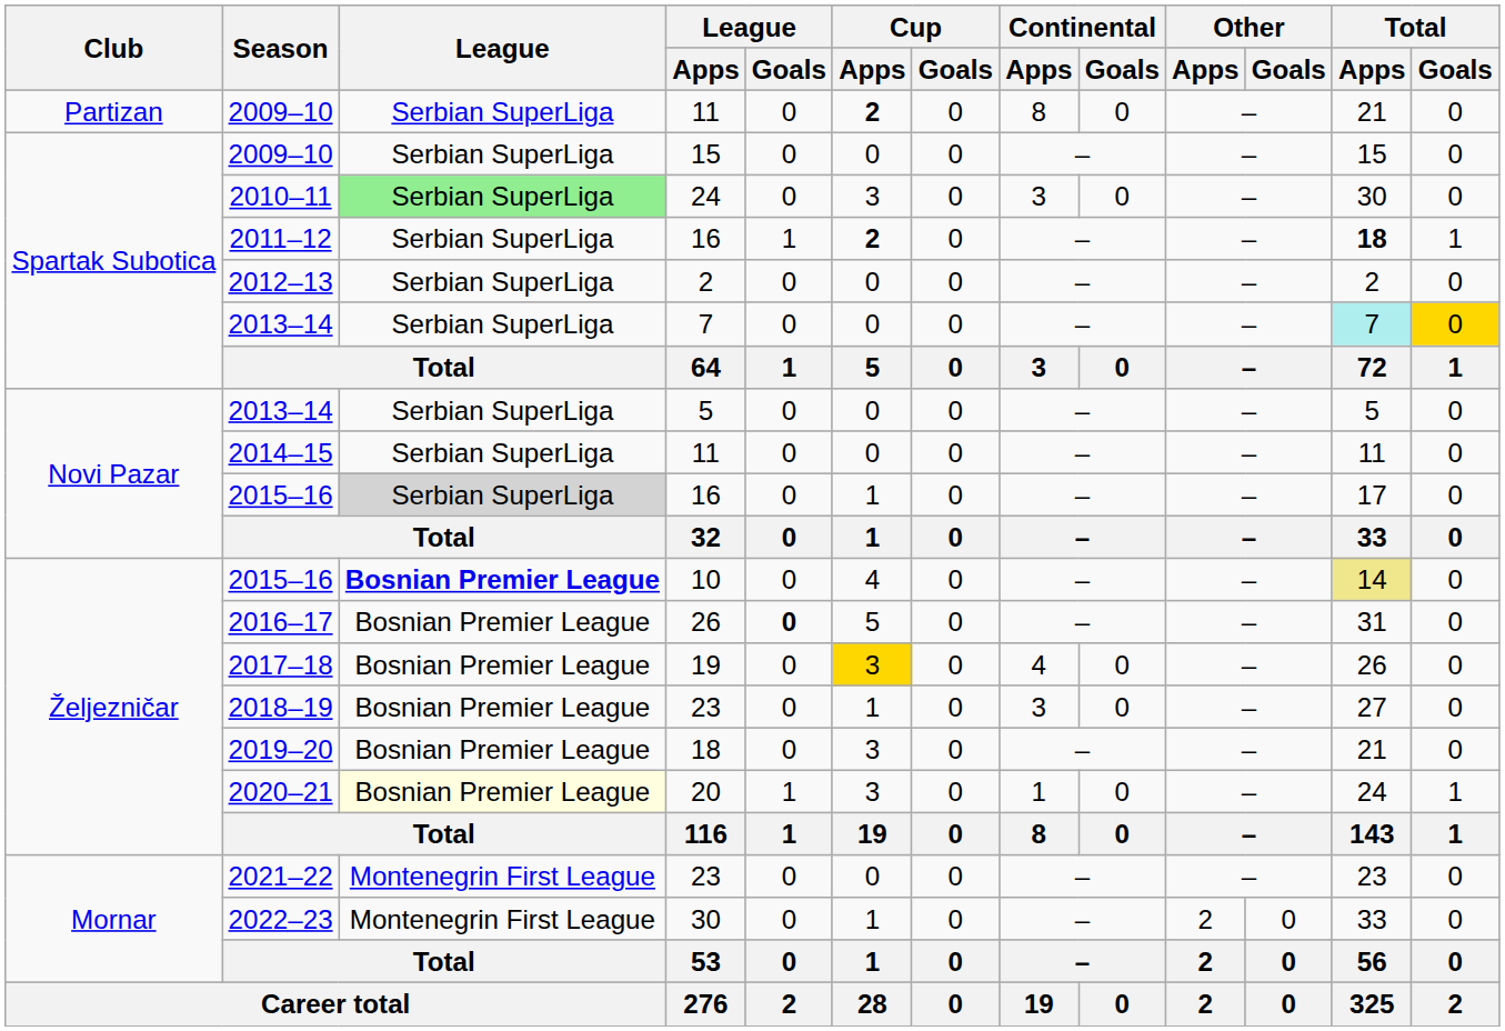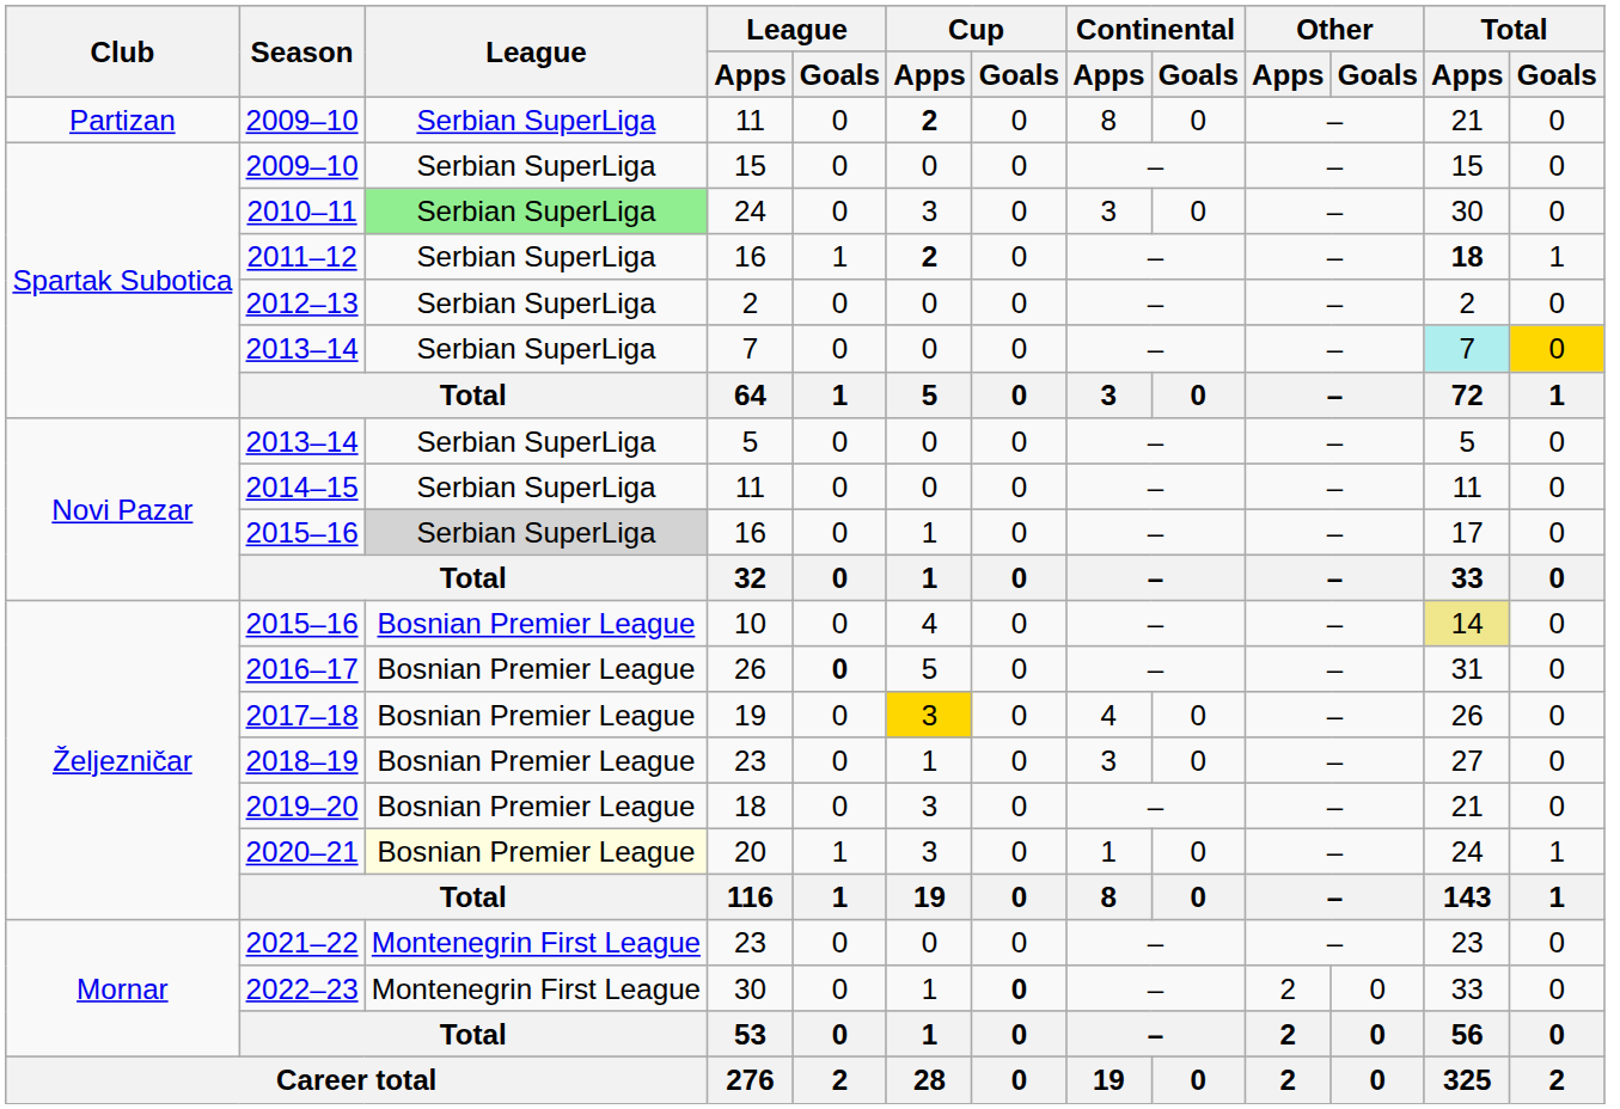 <table class="wikitable" style="text-align:center;font-size:95%">
 <tr>
 <th rowspan="2">Club</th>
 <th rowspan="2">Season</th>
 <th rowspan="2">League</th>
 <th colspan="2">League</th>
 <th colspan="2">Cup</th>
 <th colspan="2">Continental</th>
 <th colspan="2">Other</th>
 <th colspan="2">Total</th>
 </tr>
 <tr>
 <th>Apps</th>
 <th>Goals</th>
 <th>Apps</th>
 <th>Goals</th>
 <th>Apps</th>
 <th>Goals</th>
 <th>Apps</th>
 <th>Goals</th>
 <th>Apps</th>
 <th>Goals</th>
 </tr>
 <tr>
 <td><a href='#'>Partizan</a></td>
 <td><a href='#'>2009–10</a></td>
 <td><a href='#'>Serbian SuperLiga</a></td>
 <td>11</td>
 <td>0</td>
 <td><strong>2</strong></td>
 <td>0</td>
 <td>8</td>
 <td>0</td>
 <td colspan=2>–</td>
 <td>21</td>
 <td>0</td>
 </tr>
 <tr>
 <td rowspan="6"><a href='#'>Spartak Subotica</a></td>
 <td><a href='#'>2009–10</a></td>
 <td>Serbian SuperLiga</td>
 <td>15</td>
 <td>0</td>
 <td>0</td>
 <td>0</td>
 <td colspan=2>–</td>
 <td colspan=2>–</td>
 <td>15</td>
 <td>0</td>
 </tr>
 <tr>
 <td><a href='#'>2010–11</a></td>
 <td style="background: lightgreen;">Serbian SuperLiga</td>
 <td>24</td>
 <td>0</td>
 <td>3</td>
 <td>0</td>
 <td>3</td>
 <td>0</td>
 <td colspan=2>–</td>
 <td>30</td>
 <td>0</td>
 </tr>
 <tr>
 <td><a href='#'>2011–12</a></td>
 <td>Serbian SuperLiga</td>
 <td>16</td>
 <td>1</td>
 <td><strong>2</strong></td>
 <td>0</td>
 <td colspan=2>–</td>
 <td colspan=2>–</td>
 <td><strong>18</strong></td>
 <td>1</td>
 </tr>
 <tr>
 <td><a href='#'>2012–13</a></td>
 <td>Serbian SuperLiga</td>
 <td>2</td>
 <td>0</td>
 <td>0</td>
 <td>0</td>
 <td colspan=2>–</td>
 <td colspan=2>–</td>
 <td>2</td>
 <td>0</td>
 </tr>
 <tr>
 <td><a href='#'>2013–14</a></td>
 <td>Serbian SuperLiga</td>
 <td>7</td>
 <td>0</td>
 <td>0</td>
 <td>0</td>
 <td colspan=2>–</td>
 <td colspan=2>–</td>
 <td style="background: paleturquoise;">7</td>
 <td style="background: gold;">0</td>
 </tr>
 <tr>
 <th colspan=2>Total</th>
 <th>64</th>
 <th>1</th>
 <th>5</th>
 <th>0</th>
 <th>3</th>
 <th>0</th>
 <th colspan=2>–</th>
 <th>72</th>
 <th>1</th>
 </tr>
 <tr>
 <td rowspan="4"><a href='#'>Novi Pazar</a></td>
 <td><a href='#'>2013–14</a></td>
 <td>Serbian SuperLiga</td>
 <td>5</td>
 <td>0</td>
 <td>0</td>
 <td>0</td>
 <td colspan=2>–</td>
 <td colspan=2>–</td>
 <td>5</td>
 <td>0</td>
 </tr>
 <tr>
 <td><a href='#'>2014–15</a></td>
 <td>Serbian SuperLiga</td>
 <td>11</td>
 <td>0</td>
 <td>0</td>
 <td>0</td>
 <td colspan=2>–</td>
 <td colspan=2>–</td>
 <td>11</td>
 <td>0</td>
 </tr>
 <tr>
 <td><a href='#'>2015–16</a></td>
 <td style="background: lightgrey;">Serbian SuperLiga</td>
 <td>16</td>
 <td>0</td>
 <td>1</td>
 <td>0</td>
 <td colspan=2>–</td>
 <td colspan=2>–</td>
 <td>17</td>
 <td>0</td>
 </tr>
 <tr>
 <th colspan=2>Total</th>
 <th>32</th>
 <th>0</th>
 <th>1</th>
 <th>0</th>
 <th colspan=2>–</th>
 <th colspan=2>–</th>
 <th>33</th>
 <th>0</th>
 </tr>
 <tr>
 <td rowspan=7><a href='#'>Željezničar</a></td>
 <td><a href='#'>2015–16</a></td>
-<td><strong><a href='#'>Bosnian Premier League</a></strong></td>
+<td><a href='#'>Bosnian Premier League</a></td>
 <td>10</td>
 <td>0</td>
 <td>4</td>
 <td>0</td>
 <td colspan=2>–</td>
 <td colspan=2>–</td>
 <td style="background: khaki;">14</td>
 <td>0</td>
 </tr>
 <tr>
 <td><a href='#'>2016–17</a></td>
 <td>Bosnian Premier League</td>
 <td>26</td>
 <td><strong>0</strong></td>
 <td>5</td>
 <td>0</td>
 <td colspan=2>–</td>
 <td colspan=2>–</td>
 <td>31</td>
 <td>0</td>
 </tr>
 <tr>
 <td><a href='#'>2017–18</a></td>
 <td>Bosnian Premier League</td>
 <td>19</td>
 <td>0</td>
 <td style="background: gold;">3</td>
 <td>0</td>
 <td>4</td>
 <td>0</td>
 <td colspan=2>–</td>
 <td>26</td>
 <td>0</td>
 </tr>
 <tr>
 <td><a href='#'>2018–19</a></td>
 <td>Bosnian Premier League</td>
 <td>23</td>
 <td>0</td>
 <td>1</td>
 <td>0</td>
 <td>3</td>
 <td>0</td>
 <td colspan=2>–</td>
 <td>27</td>
 <td>0</td>
 </tr>
 <tr>
 <td><a href='#'>2019–20</a></td>
 <td>Bosnian Premier League</td>
 <td>18</td>
 <td>0</td>
 <td>3</td>
 <td>0</td>
 <td colspan=2>–</td>
 <td colspan=2>–</td>
 <td>21</td>
 <td>0</td>
 </tr>
 <tr>
 <td><a href='#'>2020–21</a></td>
 <td style="background: lightyellow;">Bosnian Premier League</td>
 <td>20</td>
 <td>1</td>
 <td>3</td>
 <td>0</td>
 <td>1</td>
 <td>0</td>
 <td colspan=2>–</td>
 <td>24</td>
 <td>1</td>
 </tr>
 <tr>
 <th colspan=2>Total</th>
 <th>116</th>
 <th>1</th>
 <th>19</th>
 <th>0</th>
 <th>8</th>
 <th>0</th>
 <th colspan=2>–</th>
 <th>143</th>
 <th>1</th>
 </tr>
 <tr>
 <td rowspan=3><a href='#'>Mornar</a></td>
 <td><a href='#'>2021–22</a></td>
 <td><a href='#'>Montenegrin First League</a></td>
 <td>23</td>
 <td>0</td>
 <td>0</td>
 <td>0</td>
 <td colspan=2>–</td>
 <td colspan=2>–</td>
 <td>23</td>
 <td>0</td>
 </tr>
 <tr>
 <td><a href='#'>2022–23</a></td>
 <td>Montenegrin First League</td>
 <td>30</td>
 <td>0</td>
 <td>1</td>
-<td>0</td>
+<td><strong>0</strong></td>
 <td colspan=2>–</td>
 <td>2</td>
 <td>0</td>
 <td>33</td>
 <td>0</td>
 </tr>
 <tr>
 <th colspan=2>Total</th>
 <th>53</th>
 <th>0</th>
 <th>1</th>
 <th>0</th>
 <th colspan=2>–</th>
 <th>2</th>
 <th>0</th>
 <th>56</th>
 <th>0</th>
 </tr>
 <tr>
 <th colspan=3>Career total</th>
 <th>276</th>
 <th>2</th>
 <th>28</th>
 <th>0</th>
 <th>19</th>
 <th>0</th>
 <th>2</th>
 <th>0</th>
 <th>325</th>
 <th>2</th>
 </tr>
 </table>
